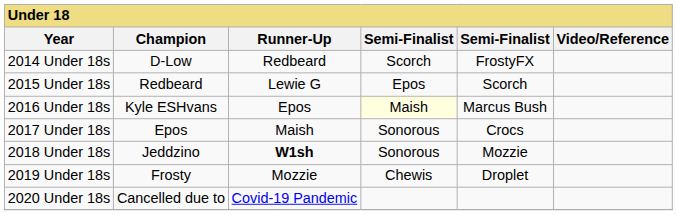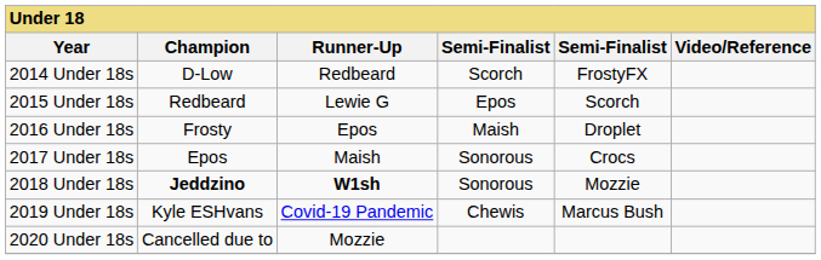 <table class="wikitable" style="text-align: center">
 <tr>
 <td bgcolor=#EEDD82 colspan=7 align=left><span><strong>Under 18</strong></span></td>
 </tr>
 <tr>
 <th>Year</th>
 <th>Champion</th>
 <th>Runner-Up</th>
 <th>Semi-Finalist</th>
 <th>Semi-Finalist</th>
 <th>Video/Reference</th>
 </tr>
 <tr>
 <td>2014 Under 18s</td>
 <td>D-Low  </td>
 <td>Redbeard</td>
 <td>Scorch</td>
 <td>FrostyFX</td>
 <td></td>
 </tr>
 <tr>
 <td>2015 Under 18s</td>
 <td>Redbeard</td>
 <td>Lewie G</td>
 <td>Epos</td>
 <td>Scorch</td>
 <td></td>
 </tr>
 <tr>
 <td>2016 Under 18s</td>
-<td>Kyle ESHvans</td>
+<td>Frosty</td>
 <td>Epos</td>
-<td style="background: lightyellow;">Maish</td>
-<td>Marcus Bush</td>
+<td>Maish</td>
+<td>Droplet</td>
 <td></td>
 </tr>
 <tr>
 <td>2017 Under 18s</td>
 <td>Epos</td>
 <td>Maish</td>
 <td>Sonorous</td>
 <td>Crocs</td>
 <td></td>
 </tr>
 <tr>
 <td>2018 Under 18s</td>
-<td>Jeddzino</td>
+<td><strong>Jeddzino</strong></td>
 <td><strong>W1sh</strong></td>
 <td>Sonorous</td>
 <td>Mozzie</td>
 <td></td>
 </tr>
 <tr>
 <td>2019 Under 18s</td>
-<td>Frosty</td>
-<td>Mozzie</td>
+<td>Kyle ESHvans</td>
+<td><a href='#'>Covid-19 Pandemic</a></td>
 <td>Chewis</td>
-<td>Droplet</td>
+<td>Marcus Bush</td>
 <td></td>
 </tr>
 <tr>
 <td>2020 Under 18s</td>
 <td>Cancelled due to</td>
-<td><a href='#'>Covid-19 Pandemic</a></td>
+<td>Mozzie</td>
 <td></td>
 <td></td>
 <td></td>
 </tr>
 <tr>
 </tr>
 </table>
